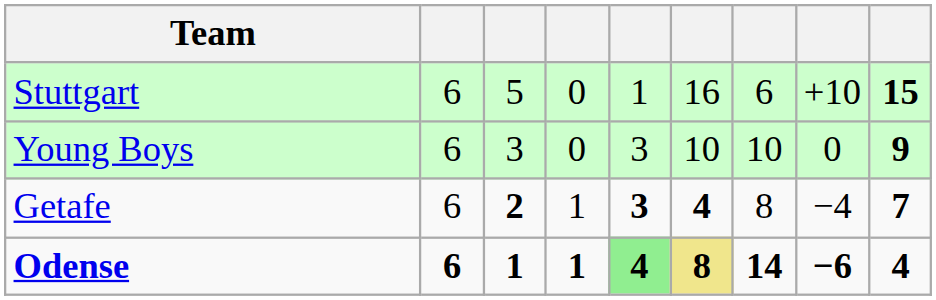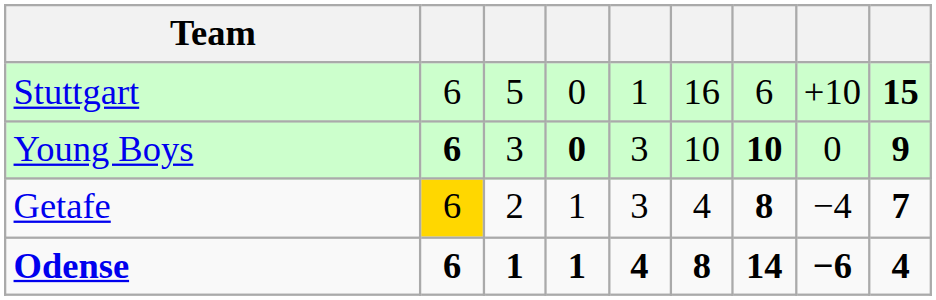 <table class="wikitable" style="text-align: center;">
 <tr>
 <th width=175>Team</th>
 <th width=20></th>
 <th width=20></th>
 <th width=20></th>
 <th width=20></th>
 <th width=20></th>
 <th width=20></th>
 <th width=20></th>
 <th width=20></th>
 </tr>
 <tr bgcolor=#ccffcc>
 <td align=left> <a href='#'>Stuttgart</a></td>
 <td>6</td>
 <td>5</td>
 <td>0</td>
 <td>1</td>
 <td>16</td>
 <td>6</td>
 <td>+10</td>
 <td><strong>15</strong></td>
 </tr>
 <tr bgcolor=#ccffcc>
 <td align=left> <a href='#'>Young Boys</a></td>
-<td>6</td>
+<td><strong>6</strong></td>
 <td>3</td>
-<td>0</td>
+<td><strong>0</strong></td>
 <td>3</td>
 <td>10</td>
-<td>10</td>
+<td><strong>10</strong></td>
 <td>0</td>
 <td><strong>9</strong></td>
 </tr>
 <tr>
 <td align=left> <a href='#'>Getafe</a></td>
-<td>6</td>
-<td><strong>2</strong></td>
+<td style="background: gold;">6</td>
+<td>2</td>
 <td>1</td>
-<td><strong>3</strong></td>
-<td><strong>4</strong></td>
-<td>8</td>
+<td>3</td>
+<td>4</td>
+<td><strong>8</strong></td>
 <td>−4</td>
 <td><strong>7</strong></td>
 </tr>
 <tr>
 <td align=left> <strong><a href='#'>Odense</a></strong></td>
 <td><strong>6</strong></td>
 <td><strong>1</strong></td>
 <td><strong>1</strong></td>
-<td style="background: lightgreen;"><strong>4</strong></td>
-<td style="background: khaki;"><strong>8</strong></td>
+<td><strong>4</strong></td>
+<td><strong>8</strong></td>
 <td><strong>14</strong></td>
 <td><strong>−6</strong></td>
 <td><strong>4</strong></td>
 </tr>
 </table>
